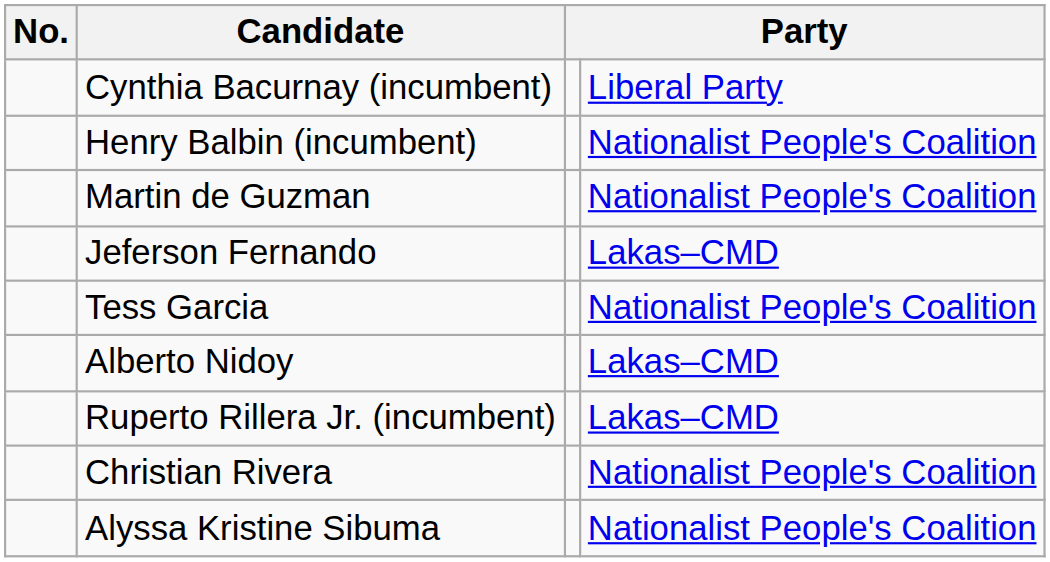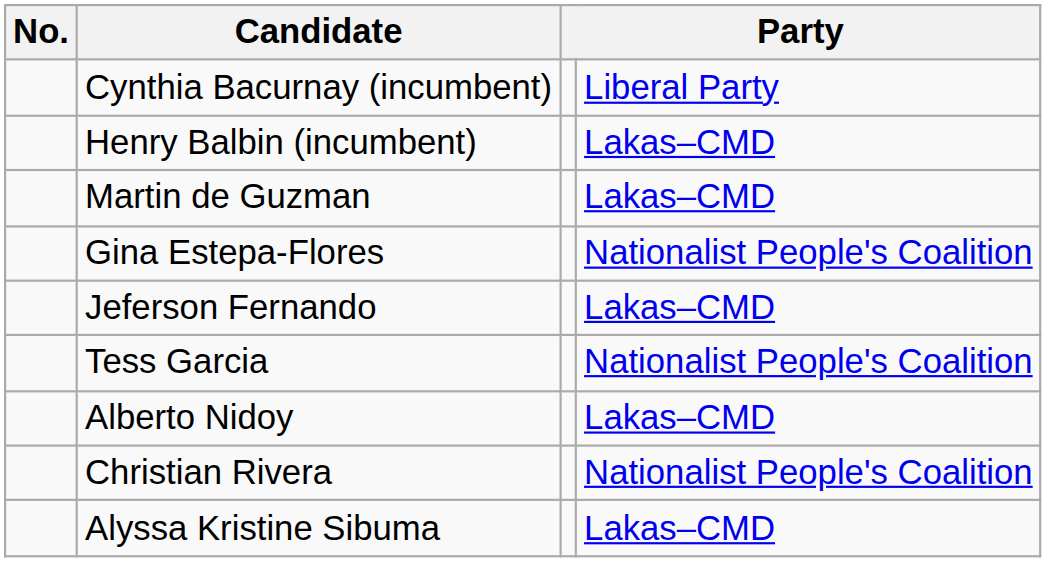 <table class="wikitable sortable" style="text-align:left;">
 <tr>
 <th>No.</th>
 <th>Candidate</th>
 <th colspan="2">Party</th>
 </tr>
 <tr>
 <td></td>
 <td>Cynthia Bacurnay (incumbent)</td>
 <td></td>
 <td><a href='#'>Liberal Party</a></td>
 </tr>
 <tr>
 <td></td>
 <td>Henry Balbin (incumbent)</td>
 <td></td>
-<td><a href='#'>Nationalist People's Coalition</a></td>
+<td><a href='#'>Lakas–CMD</a></td>
 </tr>
 <tr>
 <td></td>
 <td>Martin de Guzman</td>
+<td></td>
+<td><a href='#'>Lakas–CMD</a></td>
+</tr>
+<tr>
+<td></td>
+<td>Gina Estepa-Flores</td>
 <td></td>
 <td><a href='#'>Nationalist People's Coalition</a></td>
 </tr>
 <tr>
 <td></td>
 <td>Jeferson Fernando</td>
 <td></td>
 <td><a href='#'>Lakas–CMD</a></td>
 </tr>
 <tr>
 <td></td>
 <td>Tess Garcia</td>
 <td></td>
 <td><a href='#'>Nationalist People's Coalition</a></td>
 </tr>
 <tr>
 <td></td>
 <td>Alberto Nidoy</td>
 <td></td>
 <td><a href='#'>Lakas–CMD</a></td>
 </tr>
 <tr>
 <td></td>
-<td>Ruperto Rillera Jr. (incumbent)</td>
-<td></td>
-<td><a href='#'>Lakas–CMD</a></td>
-</tr>
-<tr>
-<td></td>
 <td>Christian Rivera</td>
 <td></td>
 <td><a href='#'>Nationalist People's Coalition</a></td>
 </tr>
 <tr>
 <td></td>
 <td>Alyssa Kristine Sibuma</td>
 <td></td>
-<td><a href='#'>Nationalist People's Coalition</a></td>
+<td><a href='#'>Lakas–CMD</a></td>
 </tr>
 </table>
